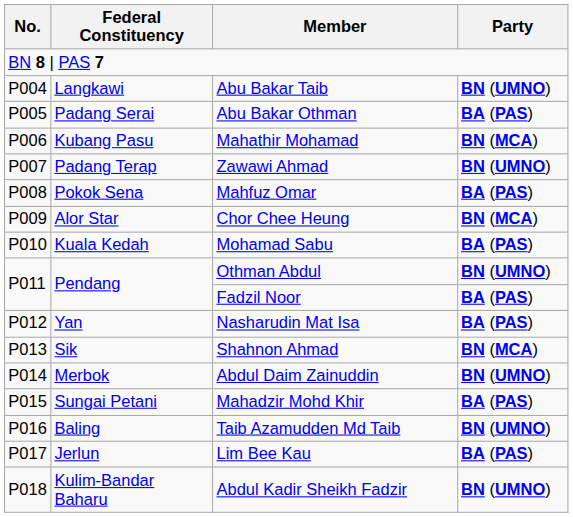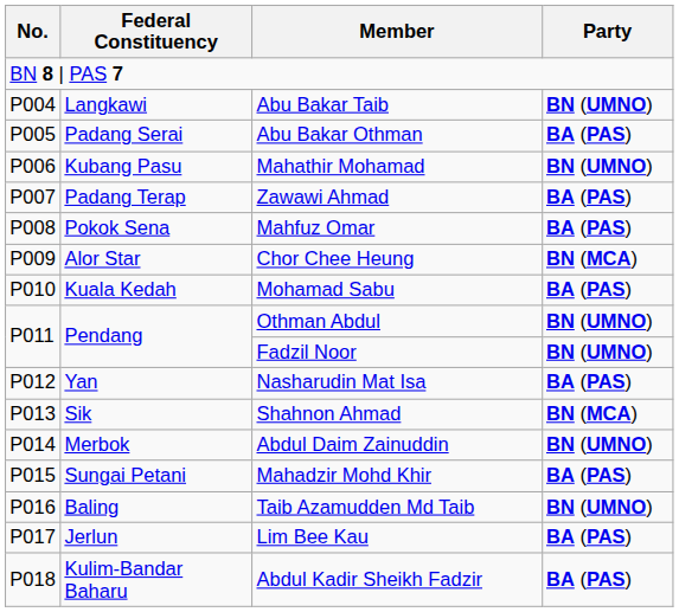 <table class="wikitable sortable">
 <tr>
 <th style="width:30px;">No.</th>
 <th style="width:150px;">Federal Constituency</th>
 <th style="width:230px;">Member</th>
 <th style="width:100px;">Party</th>
 </tr>
 <tr>
 <td colspan="4"><a href='#'>BN</a> <strong>8</strong> | <a href='#'>PAS</a> <strong>7</strong></td>
 </tr>
 <tr>
 <td>P004</td>
 <td><a href='#'>Langkawi</a></td>
 <td><a href='#'>Abu Bakar Taib</a></td>
 <td><strong><a href='#'>BN</a></strong> (<strong><a href='#'>UMNO</a></strong>)</td>
 </tr>
 <tr>
 <td>P005</td>
 <td><a href='#'>Padang Serai</a></td>
 <td><a href='#'>Abu Bakar Othman</a></td>
 <td><strong><a href='#'>BA</a></strong> (<strong><a href='#'>PAS</a></strong>)</td>
 </tr>
 <tr>
 <td>P006</td>
 <td><a href='#'>Kubang Pasu</a></td>
 <td><a href='#'>Mahathir Mohamad</a></td>
-<td><strong><a href='#'>BN</a></strong> (<strong><a href='#'>MCA</a></strong>)</td>
+<td><strong><a href='#'>BN</a></strong> (<strong><a href='#'>UMNO</a></strong>)</td>
 </tr>
 <tr>
 <td>P007</td>
 <td><a href='#'>Padang Terap</a></td>
 <td><a href='#'>Zawawi Ahmad</a></td>
-<td><strong><a href='#'>BN</a></strong> (<strong><a href='#'>UMNO</a></strong>)</td>
+<td><strong><a href='#'>BA</a></strong> (<strong><a href='#'>PAS</a></strong>)</td>
 </tr>
 <tr>
 <td>P008</td>
 <td><a href='#'>Pokok Sena</a></td>
 <td><a href='#'>Mahfuz Omar</a></td>
 <td><strong><a href='#'>BA</a></strong> (<strong><a href='#'>PAS</a></strong>)</td>
 </tr>
 <tr>
 <td>P009</td>
 <td><a href='#'>Alor Star</a></td>
 <td><a href='#'>Chor Chee Heung</a></td>
 <td><strong><a href='#'>BN</a></strong> (<strong><a href='#'>MCA</a></strong>)</td>
 </tr>
 <tr>
 <td>P010</td>
 <td><a href='#'>Kuala Kedah</a></td>
 <td><a href='#'>Mohamad Sabu</a></td>
 <td><strong><a href='#'>BA</a></strong> (<strong><a href='#'>PAS</a></strong>)</td>
 </tr>
 <tr>
 <td rowspan=2>P011</td>
 <td rowspan=2><a href='#'>Pendang</a></td>
 <td><a href='#'>Othman Abdul</a> </td>
 <td><strong><a href='#'>BN</a></strong> (<strong><a href='#'>UMNO</a></strong>)</td>
 </tr>
 <tr>
 <td><a href='#'>Fadzil Noor</a> </td>
-<td><strong><a href='#'>BA</a></strong> (<strong><a href='#'>PAS</a></strong>)</td>
+<td><strong><a href='#'>BN</a></strong> (<strong><a href='#'>UMNO</a></strong>)</td>
 </tr>
 <tr>
 <td>P012</td>
 <td><a href='#'>Yan</a></td>
 <td><a href='#'>Nasharudin Mat Isa</a></td>
 <td><strong><a href='#'>BA</a></strong> (<strong><a href='#'>PAS</a></strong>)</td>
 </tr>
 <tr>
 <td>P013</td>
 <td><a href='#'>Sik</a></td>
 <td><a href='#'>Shahnon Ahmad</a></td>
 <td><strong><a href='#'>BN</a></strong> (<strong><a href='#'>MCA</a></strong>)</td>
 </tr>
 <tr>
 <td>P014</td>
 <td><a href='#'>Merbok</a></td>
 <td><a href='#'>Abdul Daim Zainuddin</a></td>
 <td><strong><a href='#'>BN</a></strong> (<strong><a href='#'>UMNO</a></strong>)</td>
 </tr>
 <tr>
 <td>P015</td>
 <td><a href='#'>Sungai Petani</a></td>
 <td><a href='#'>Mahadzir Mohd Khir</a></td>
 <td><strong><a href='#'>BA</a></strong> (<strong><a href='#'>PAS</a></strong>)</td>
 </tr>
 <tr>
 <td>P016</td>
 <td><a href='#'>Baling</a></td>
 <td><a href='#'>Taib Azamudden Md Taib</a></td>
 <td><strong><a href='#'>BN</a></strong> (<strong><a href='#'>UMNO</a></strong>)</td>
 </tr>
 <tr>
 <td>P017</td>
 <td><a href='#'>Jerlun</a></td>
 <td><a href='#'>Lim Bee Kau</a></td>
 <td><strong><a href='#'>BA</a></strong> (<strong><a href='#'>PAS</a></strong>)</td>
 </tr>
 <tr>
 <td>P018</td>
 <td><a href='#'>Kulim-Bandar Baharu</a></td>
 <td><a href='#'>Abdul Kadir Sheikh Fadzir</a></td>
-<td><strong><a href='#'>BN</a></strong> (<strong><a href='#'>UMNO</a></strong>)</td>
+<td><strong><a href='#'>BA</a></strong> (<strong><a href='#'>PAS</a></strong>)</td>
 </tr>
 </table>
